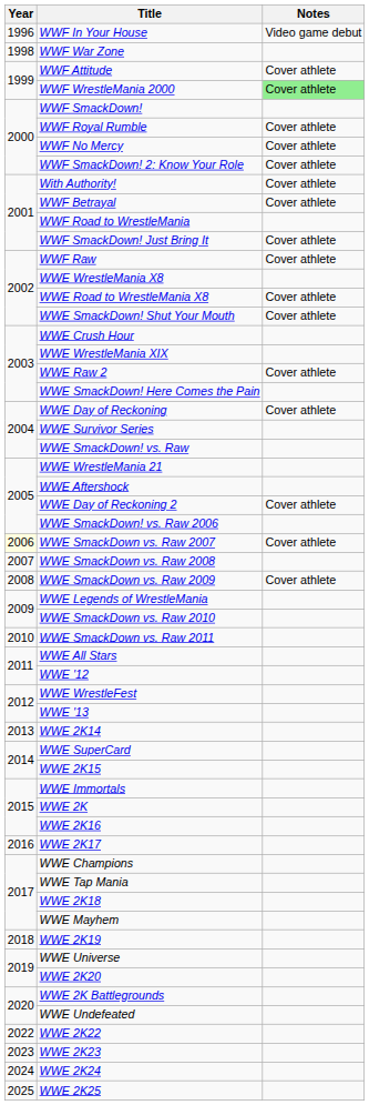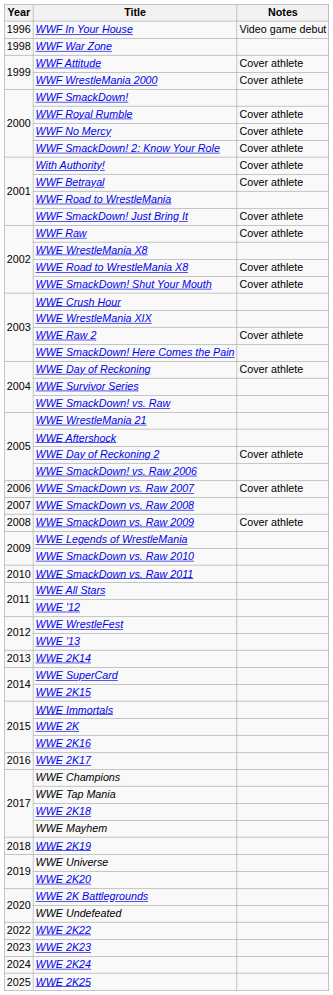 <table class="wikitable sortable">
 <tr>
 <th>Year</th>
 <th>Title</th>
 <th>Notes</th>
 </tr>
 <tr>
 <td>1996</td>
 <td><em><a href='#'>WWF In Your House</a></em></td>
 <td>Video game debut</td>
 </tr>
 <tr>
 <td>1998</td>
 <td><em><a href='#'>WWF War Zone</a></em></td>
 <td></td>
 </tr>
 <tr>
 <td rowspan="2">1999</td>
 <td><em><a href='#'>WWF Attitude</a></em></td>
 <td>Cover athlete</td>
 </tr>
 <tr>
 <td><em><a href='#'>WWF WrestleMania 2000</a></em></td>
-<td style="background: lightgreen;">Cover athlete</td>
+<td>Cover athlete</td>
 </tr>
 <tr>
 <td rowspan="4">2000</td>
 <td><em><a href='#'>WWF SmackDown!</a></em></td>
 <td></td>
 </tr>
 <tr>
 <td><em><a href='#'>WWF Royal Rumble</a></em></td>
 <td>Cover athlete</td>
 </tr>
 <tr>
 <td><em><a href='#'>WWF No Mercy</a></em></td>
 <td>Cover athlete</td>
 </tr>
 <tr>
 <td><em><a href='#'>WWF SmackDown! 2: Know Your Role</a></em></td>
 <td>Cover athlete</td>
 </tr>
 <tr>
 <td rowspan="4">2001</td>
 <td><em><a href='#'>With Authority!</a></em></td>
 <td>Cover athlete</td>
 </tr>
 <tr>
 <td><em><a href='#'>WWF Betrayal</a></em></td>
 <td>Cover athlete</td>
 </tr>
 <tr>
 <td><em><a href='#'>WWF Road to WrestleMania</a></em></td>
 <td></td>
 </tr>
 <tr>
 <td><em><a href='#'>WWF SmackDown! Just Bring It</a></em></td>
 <td>Cover athlete</td>
 </tr>
 <tr>
 <td rowspan="4">2002</td>
 <td><em><a href='#'>WWF Raw</a></em></td>
 <td>Cover athlete</td>
 </tr>
 <tr>
 <td><em><a href='#'>WWE WrestleMania X8</a></em></td>
 <td></td>
 </tr>
 <tr>
 <td><em><a href='#'>WWE Road to WrestleMania X8</a></em></td>
 <td>Cover athlete</td>
 </tr>
 <tr>
 <td><em><a href='#'>WWE SmackDown! Shut Your Mouth</a></em></td>
 <td>Cover athlete</td>
 </tr>
 <tr>
 <td rowspan="4">2003</td>
 <td><em><a href='#'>WWE Crush Hour</a></em></td>
 <td></td>
 </tr>
 <tr>
 <td><em><a href='#'>WWE WrestleMania XIX</a></em></td>
 <td></td>
 </tr>
 <tr>
 <td><em><a href='#'>WWE Raw 2</a></em></td>
 <td>Cover athlete</td>
 </tr>
 <tr>
 <td><em><a href='#'>WWE SmackDown! Here Comes the Pain</a></em></td>
 <td></td>
 </tr>
 <tr>
 <td rowspan="3">2004</td>
 <td><em><a href='#'>WWE Day of Reckoning</a></em></td>
 <td>Cover athlete</td>
 </tr>
 <tr>
 <td><em><a href='#'>WWE Survivor Series</a></em></td>
 <td></td>
 </tr>
 <tr>
 <td><em><a href='#'>WWE SmackDown! vs. Raw</a></em></td>
 <td></td>
 </tr>
 <tr>
 <td rowspan="4">2005</td>
 <td><em><a href='#'>WWE WrestleMania 21</a></em></td>
 <td></td>
 </tr>
 <tr>
 <td><em><a href='#'>WWE Aftershock</a></em></td>
 <td></td>
 </tr>
 <tr>
 <td><em><a href='#'>WWE Day of Reckoning 2</a></em></td>
 <td>Cover athlete</td>
 </tr>
 <tr>
 <td><em><a href='#'>WWE SmackDown! vs. Raw 2006</a></em></td>
 <td></td>
 </tr>
 <tr>
-<td style="background: lightyellow;">2006</td>
+<td>2006</td>
 <td><em><a href='#'>WWE SmackDown vs. Raw 2007</a></em></td>
 <td>Cover athlete</td>
 </tr>
 <tr>
 <td>2007</td>
 <td><em><a href='#'>WWE SmackDown vs. Raw 2008</a></em></td>
 <td></td>
 </tr>
 <tr>
 <td>2008</td>
 <td><em><a href='#'>WWE SmackDown vs. Raw 2009</a></em></td>
 <td>Cover athlete</td>
 </tr>
 <tr>
 <td rowspan="2">2009</td>
 <td><em><a href='#'>WWE Legends of WrestleMania</a></em></td>
 <td></td>
 </tr>
 <tr>
 <td><em><a href='#'>WWE SmackDown vs. Raw 2010</a></em></td>
 <td></td>
 </tr>
 <tr>
 <td>2010</td>
 <td><em><a href='#'>WWE SmackDown vs. Raw 2011</a></em></td>
 <td></td>
 </tr>
 <tr>
 <td rowspan="2">2011</td>
 <td><em><a href='#'>WWE All Stars</a></em></td>
 <td></td>
 </tr>
 <tr>
 <td><em><a href='#'>WWE '12</a></em></td>
 <td></td>
 </tr>
 <tr>
 <td rowspan="2">2012</td>
 <td><em><a href='#'>WWE WrestleFest</a></em></td>
 <td></td>
 </tr>
 <tr>
 <td><em><a href='#'>WWE '13</a></em></td>
 <td></td>
 </tr>
 <tr>
 <td>2013</td>
 <td><em><a href='#'>WWE 2K14</a></em></td>
 <td></td>
 </tr>
 <tr>
 <td rowspan="2">2014</td>
 <td><em><a href='#'>WWE SuperCard</a></em></td>
 <td></td>
 </tr>
 <tr>
 <td><em><a href='#'>WWE 2K15</a></em></td>
 <td></td>
 </tr>
 <tr>
 <td rowspan="3">2015</td>
 <td><em><a href='#'>WWE Immortals</a></em></td>
 <td></td>
 </tr>
 <tr>
 <td><em><a href='#'>WWE 2K</a></em></td>
 <td></td>
 </tr>
 <tr>
 <td><em><a href='#'>WWE 2K16</a></em></td>
 <td></td>
 </tr>
 <tr>
 <td>2016</td>
 <td><em><a href='#'>WWE 2K17</a></em></td>
 <td></td>
 </tr>
 <tr>
 <td rowspan="4">2017</td>
 <td><em>WWE Champions</em></td>
 <td></td>
 </tr>
 <tr>
 <td><em>WWE Tap Mania</em></td>
 <td></td>
 </tr>
 <tr>
 <td><em><a href='#'>WWE 2K18</a></em></td>
 <td></td>
 </tr>
 <tr>
 <td><em>WWE Mayhem</em></td>
 <td></td>
 </tr>
 <tr>
 <td>2018</td>
 <td><em><a href='#'>WWE 2K19</a></em></td>
 <td></td>
 </tr>
 <tr>
 <td rowspan="2">2019</td>
 <td><em>WWE Universe</em></td>
 <td></td>
 </tr>
 <tr>
 <td><em><a href='#'>WWE 2K20</a></em></td>
 <td></td>
 </tr>
 <tr>
 <td rowspan="2">2020</td>
 <td><em><a href='#'>WWE 2K Battlegrounds</a></em></td>
 <td></td>
 </tr>
 <tr>
 <td><em>WWE Undefeated</em></td>
 <td></td>
 </tr>
 <tr>
 <td>2022</td>
 <td><em><a href='#'>WWE 2K22</a></em></td>
 <td></td>
 </tr>
 <tr>
 <td>2023</td>
 <td><em><a href='#'>WWE 2K23</a></em></td>
 <td></td>
 </tr>
 <tr>
 <td>2024</td>
 <td><em><a href='#'>WWE 2K24</a></em></td>
 <td></td>
 </tr>
 <tr>
 <td>2025</td>
 <td><em><a href='#'>WWE 2K25</a></em></td>
 <td></td>
 </tr>
 </table>
